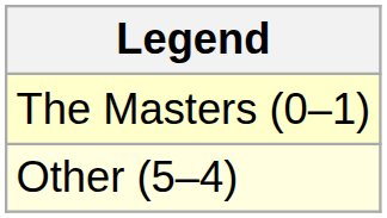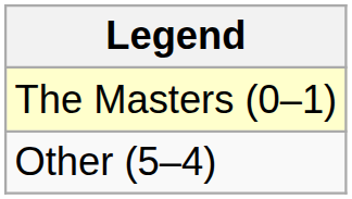 <table class="wikitable">
 <tr>
 <th>Legend</th>
 </tr>
 <tr style="background:#ffc;">
 <td>The Masters (0–1)</td>
 </tr>
 <tr>
-<td style="background: lightyellow;">Other (5–4)</td>
+<td>Other (5–4)</td>
 </tr>
 </table>
